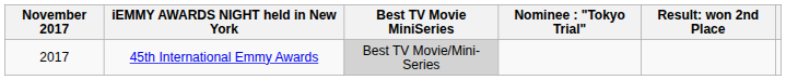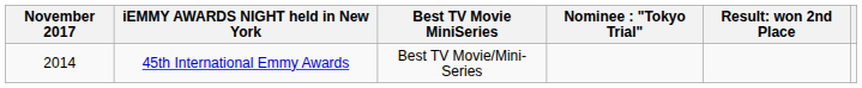 <table class="wikitable" width="75%" ; style="text-align:center;">
 <tr>
 <th>November 2017</th>
 <th>iEMMY AWARDS NIGHT held in New York</th>
 <th>Best TV Movie MiniSeries</th>
 <th>Nominee : "Tokyo Trial"</th>
 <th>Result: won 2nd Place</th>
 <th></th>
 </tr>
 <tr>
-<td>2017</td>
+<td>2014</td>
 <td><a href='#'>45th International Emmy Awards</a></td>
-<td style="background: lightgrey;">Best TV Movie/Mini-Series</td>
+<td>Best TV Movie/Mini-Series</td>
 <td></td>
 <td></td>
 <td></td>
 </tr>
 </table>
